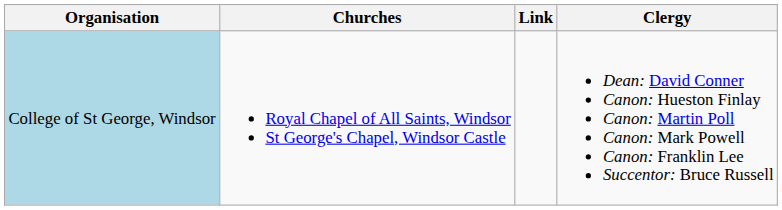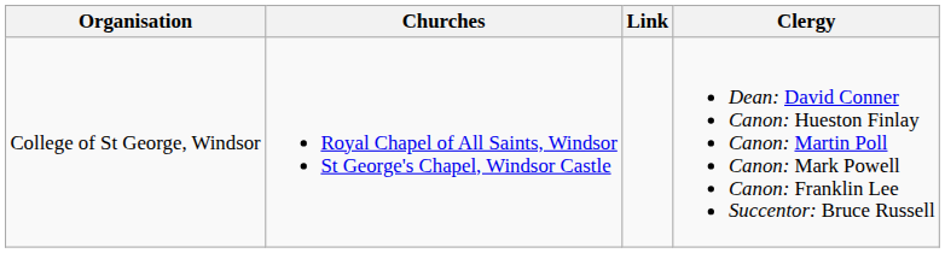 <table class="wikitable">
 <tr>
 <th>Organisation</th>
 <th>Churches</th>
 <th>Link</th>
 <th>Clergy</th>
 </tr>
 <tr>
-<td style="background: lightblue;">College of St George, Windsor</td>
+<td>College of St George, Windsor</td>
 <td><br><ul><li><a href='#'>Royal Chapel of All Saints, Windsor</a></li><li><a href='#'>St George's Chapel, Windsor Castle</a></li></ul></td>
 <td></td>
 <td><br><ul><li><em>Dean:</em> <a href='#'>David Conner</a></li><li><em>Canon:</em> Hueston Finlay</li><li><em>Canon:</em> <a href='#'>Martin Poll</a></li><li><em>Canon:</em> Mark Powell</li><li><em>Canon:</em> Franklin Lee</li><li><em>Succentor:</em> Bruce Russell</li></ul></td>
 </tr>
 </table>
